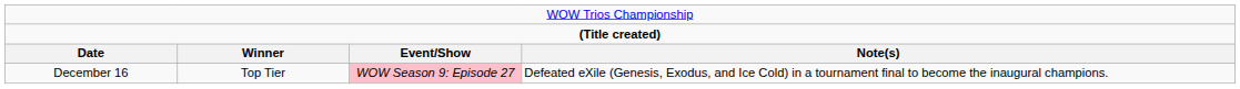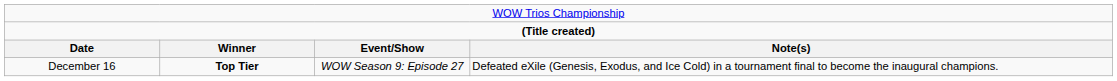 <table class="wikitable" style="text-align:center; width:100%;">
 <tr>
 <td colspan="5" style="text-align: center;"><a href='#'>WOW Trios Championship</a></td>
 </tr>
 <tr>
 <td colspan="5" style="text-align: center;"><strong>(Title created)</strong></td>
 </tr>
 <tr>
 <th width=14%>Date</th>
 <th width=14%>Winner</th>
 <th width=14%>Event/Show</th>
 <th width=58%>Note(s)</th>
 </tr>
 <tr>
 <td>December 16<br></td>
-<td>Top Tier<br></td>
-<td style="background: pink;"><em>WOW Season 9: Episode 27</em></td>
+<td><strong>Top Tier<br></strong></td>
+<td><em>WOW Season 9: Episode 27</em></td>
 <td align=left>Defeated eXile (Genesis, Exodus, and Ice Cold) in a tournament final to become the inaugural champions.</td>
 </tr>
 </table>
